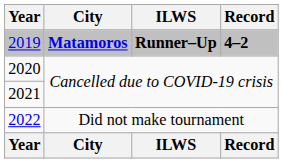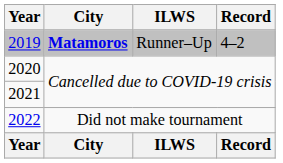 <table class="wikitable">
 <tr>
 <th>Year</th>
 <th>City</th>
 <th>ILWS</th>
 <th>Record</th>
 </tr>
 <tr style="background:silver;">
 <td><a href='#'>2019</a></td>
 <td><strong><a href='#'>Matamoros</a></strong></td>
-<td><strong>Runner–Up</strong></td>
-<td><strong>4–2</strong></td>
+<td>Runner–Up</td>
+<td>4–2</td>
 </tr>
 <tr>
 <td>2020</td>
 <td colspan=3 rowspan=2 style="text-align:center;"><em>Cancelled due to COVID-19 crisis</em></td>
 </tr>
 <tr>
 <td>2021</td>
 </tr>
 <tr>
 <td><a href='#'>2022</a></td>
 <td colspan=3 style="text-align:center;">Did not make tournament</td>
 </tr>
 <tr>
 <th>Year</th>
 <th>City</th>
 <th>ILWS</th>
 <th>Record</th>
 </tr>
 </table>
